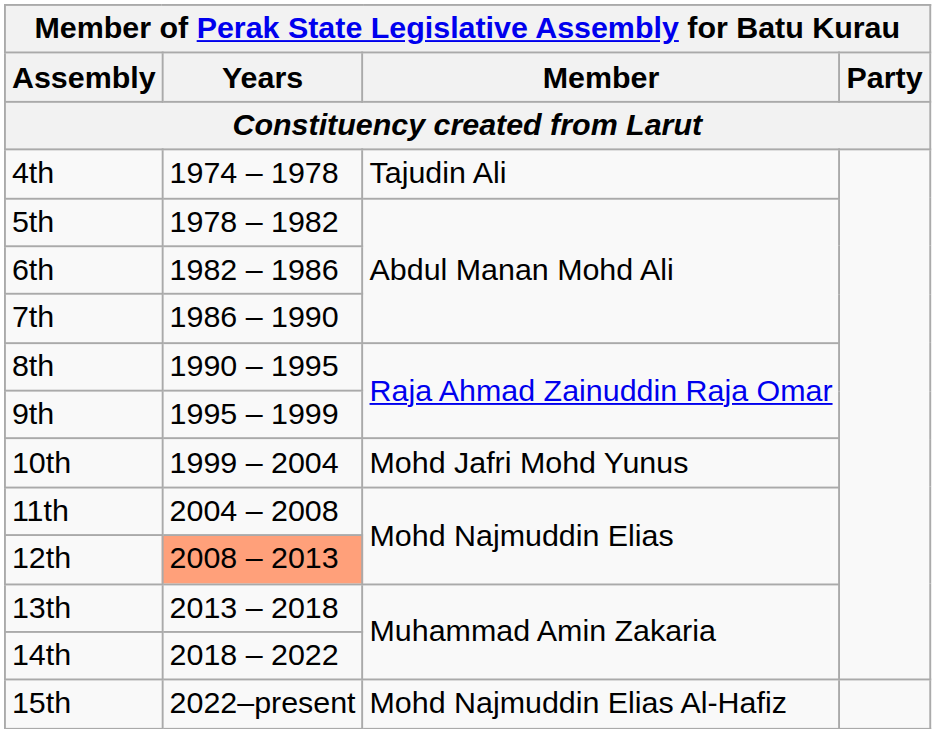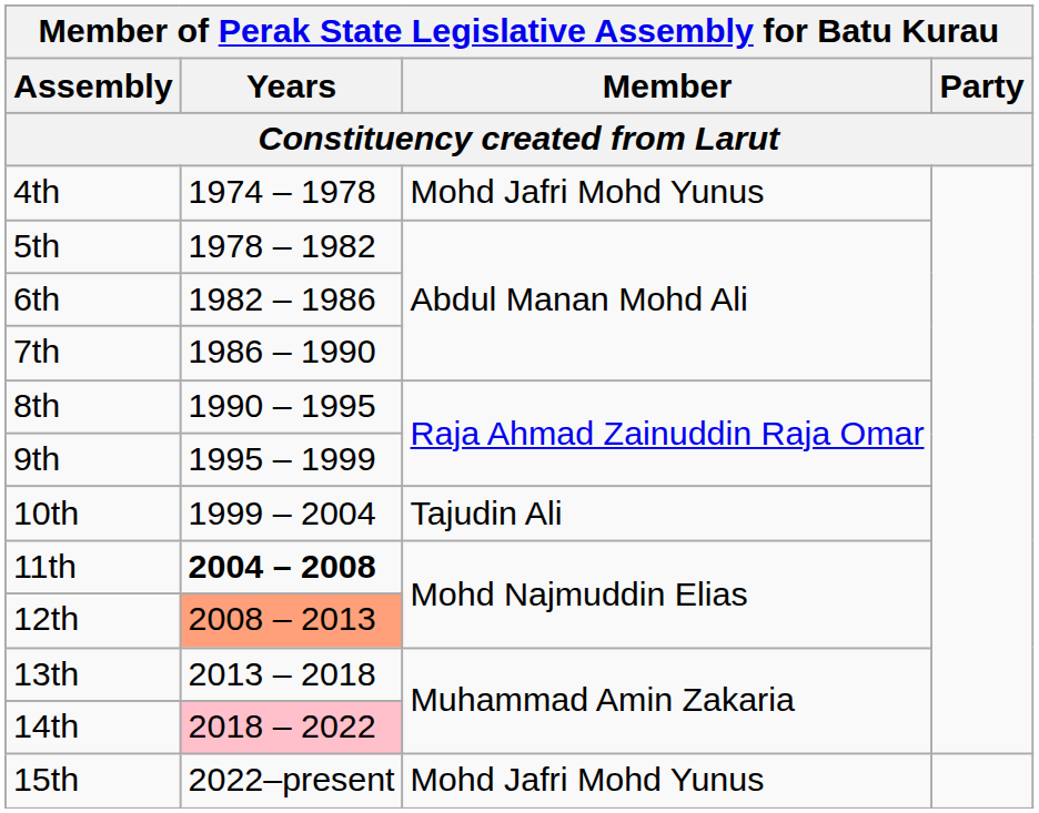 <table class="wikitable">
 <tr>
 <th colspan="4">Member of <a href='#'>Perak State Legislative Assembly</a> for <strong>Batu Kurau</strong></th>
 </tr>
 <tr>
 <th>Assembly</th>
 <th>Years</th>
 <th>Member</th>
 <th>Party</th>
 </tr>
 <tr>
 <th colspan="4" align="center"><em>Constituency created from Larut</em></th>
 </tr>
 <tr>
 <td>4th</td>
 <td>1974 – 1978</td>
-<td>Tajudin Ali</td>
+<td>Mohd Jafri Mohd Yunus</td>
 <td rowspan="11"></td>
 </tr>
 <tr>
 <td>5th</td>
 <td>1978 – 1982</td>
 <td rowspan="3">Abdul Manan Mohd Ali</td>
 </tr>
 <tr>
 <td>6th</td>
 <td>1982 – 1986</td>
 </tr>
 <tr>
 <td>7th</td>
 <td>1986 – 1990</td>
 </tr>
 <tr>
 <td>8th</td>
 <td>1990 – 1995</td>
 <td rowspan="2"><a href='#'>Raja Ahmad Zainuddin Raja Omar</a></td>
 </tr>
 <tr>
 <td>9th</td>
 <td>1995 – 1999</td>
 </tr>
 <tr>
 <td>10th</td>
 <td>1999 – 2004</td>
-<td>Mohd Jafri Mohd Yunus</td>
+<td>Tajudin Ali</td>
 </tr>
 <tr>
 <td>11th</td>
-<td>2004 – 2008</td>
+<td><strong>2004 – 2008</strong></td>
 <td rowspan="2">Mohd Najmuddin Elias</td>
 </tr>
 <tr>
 <td>12th</td>
 <td style="background: lightsalmon;">2008 – 2013</td>
 </tr>
 <tr>
 <td>13th</td>
 <td>2013 – 2018</td>
 <td rowspan="2">Muhammad Amin Zakaria</td>
 </tr>
 <tr>
 <td>14th</td>
-<td>2018 – 2022</td>
+<td style="background: pink;">2018 – 2022</td>
 </tr>
 <tr>
 <td>15th</td>
 <td>2022–present</td>
-<td>Mohd Najmuddin Elias Al-Hafiz</td>
+<td>Mohd Jafri Mohd Yunus</td>
 <td></td>
 </tr>
 </table>
